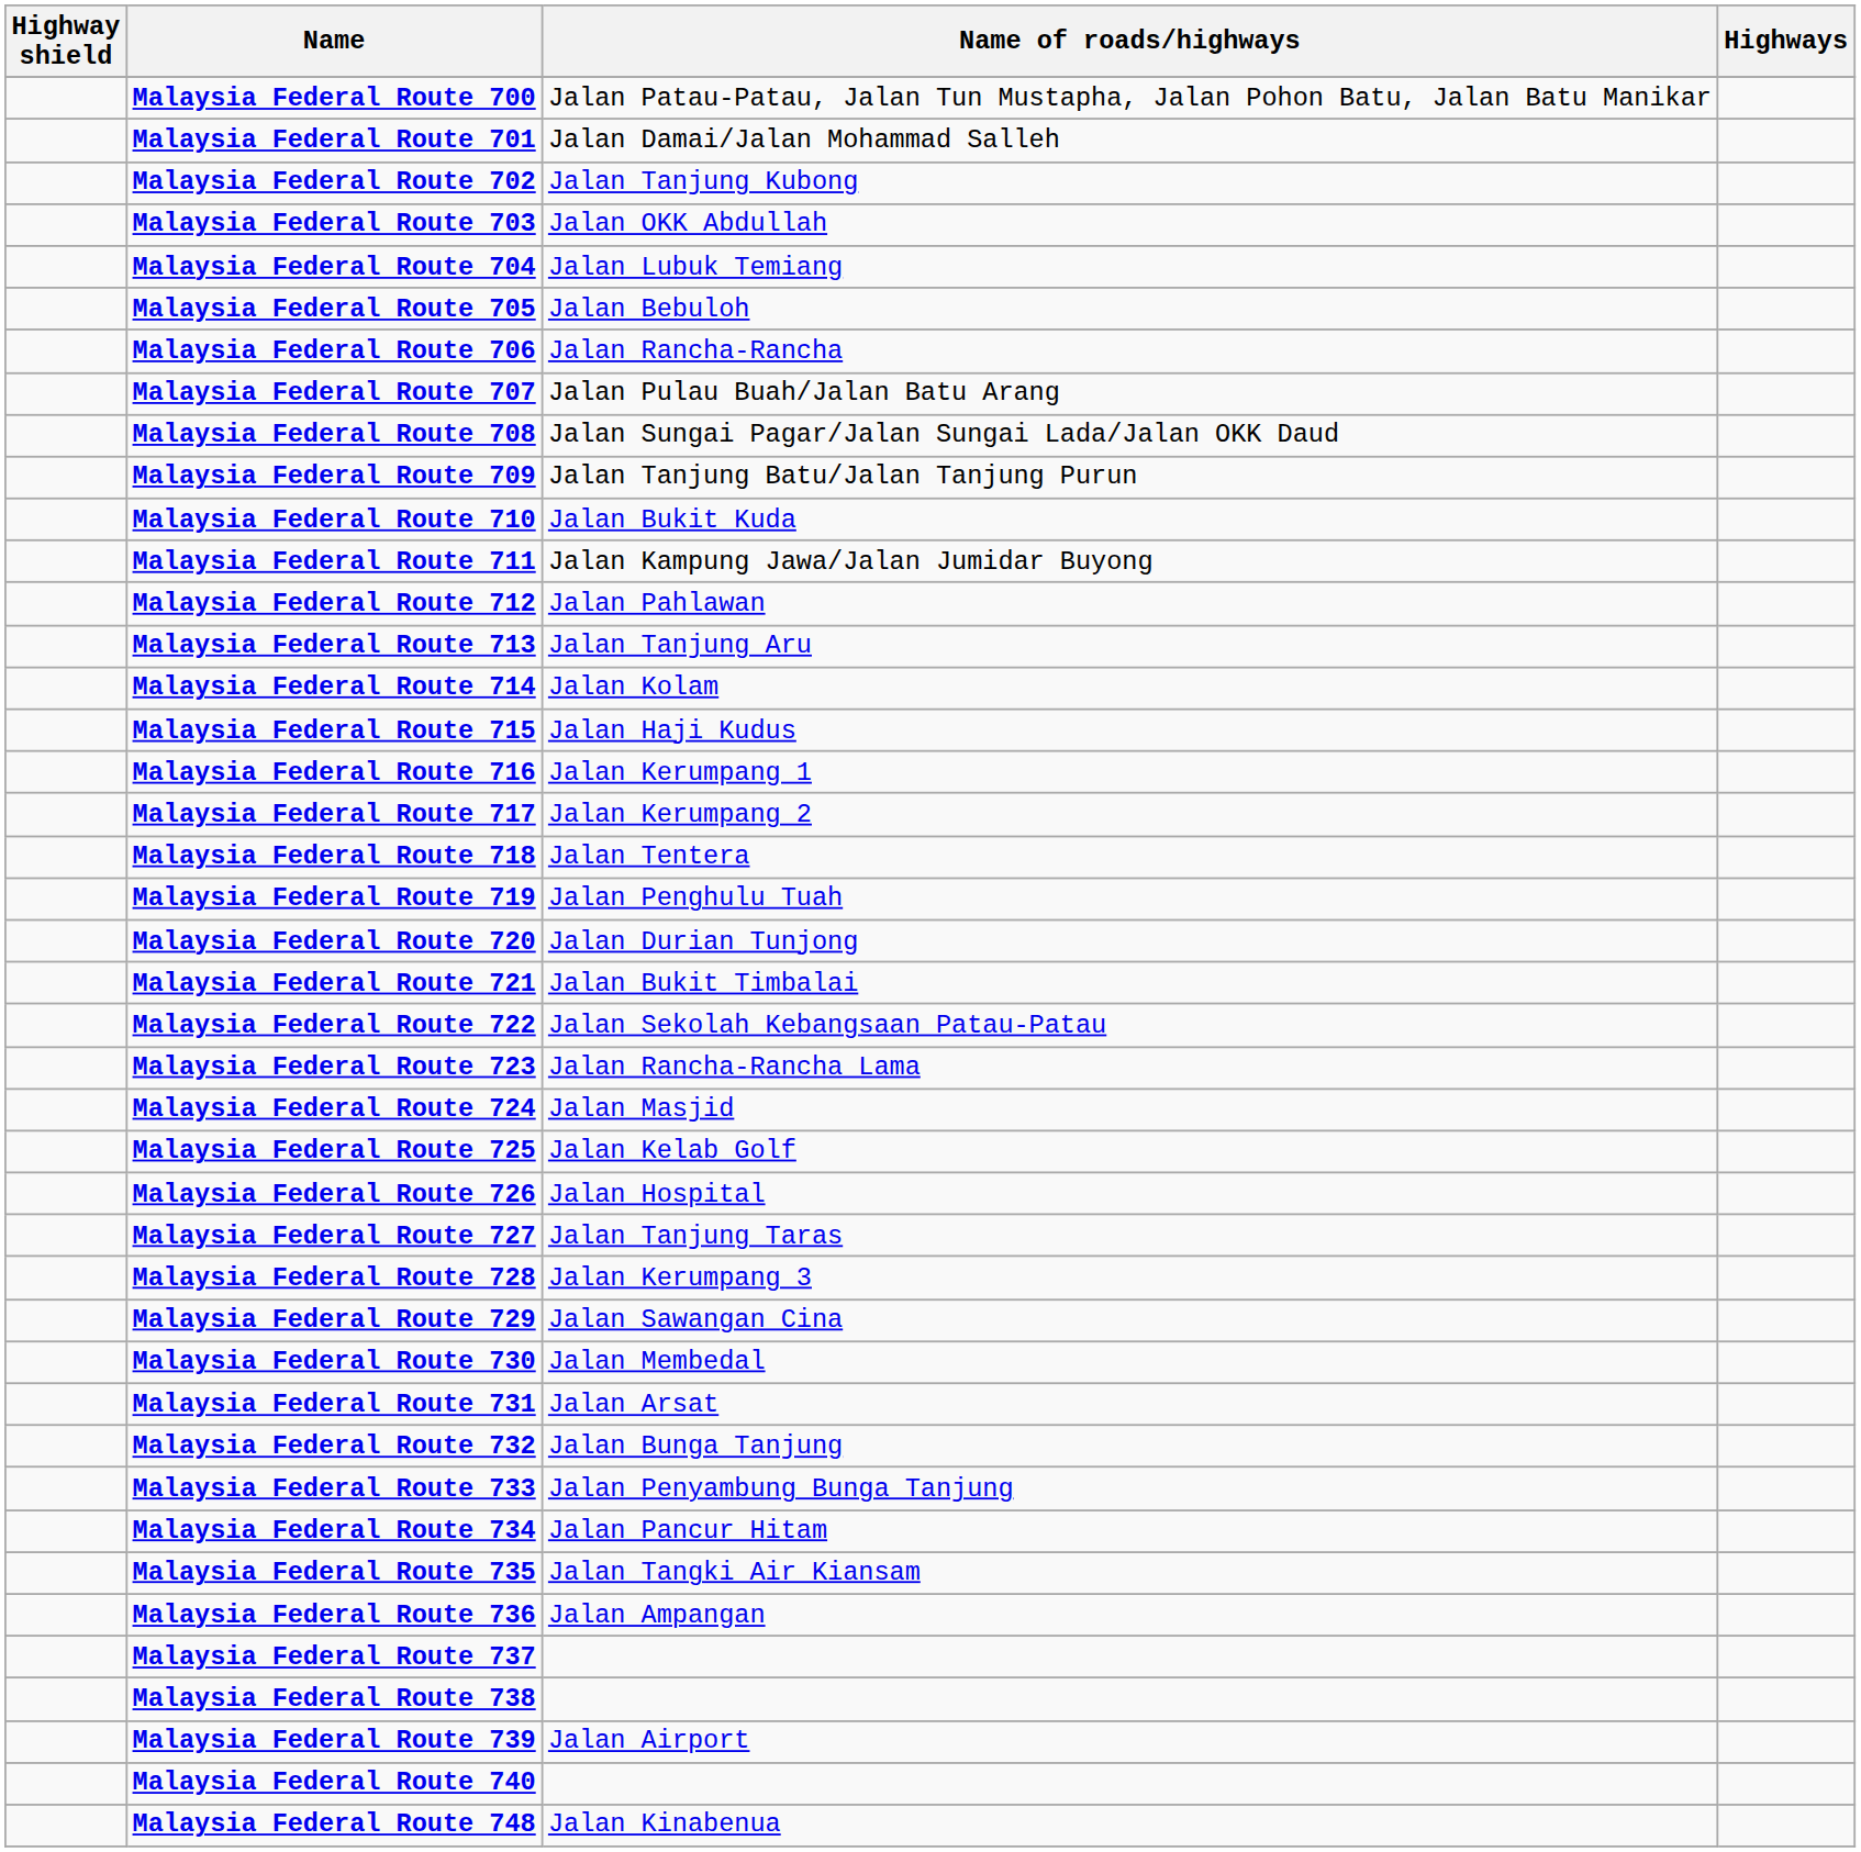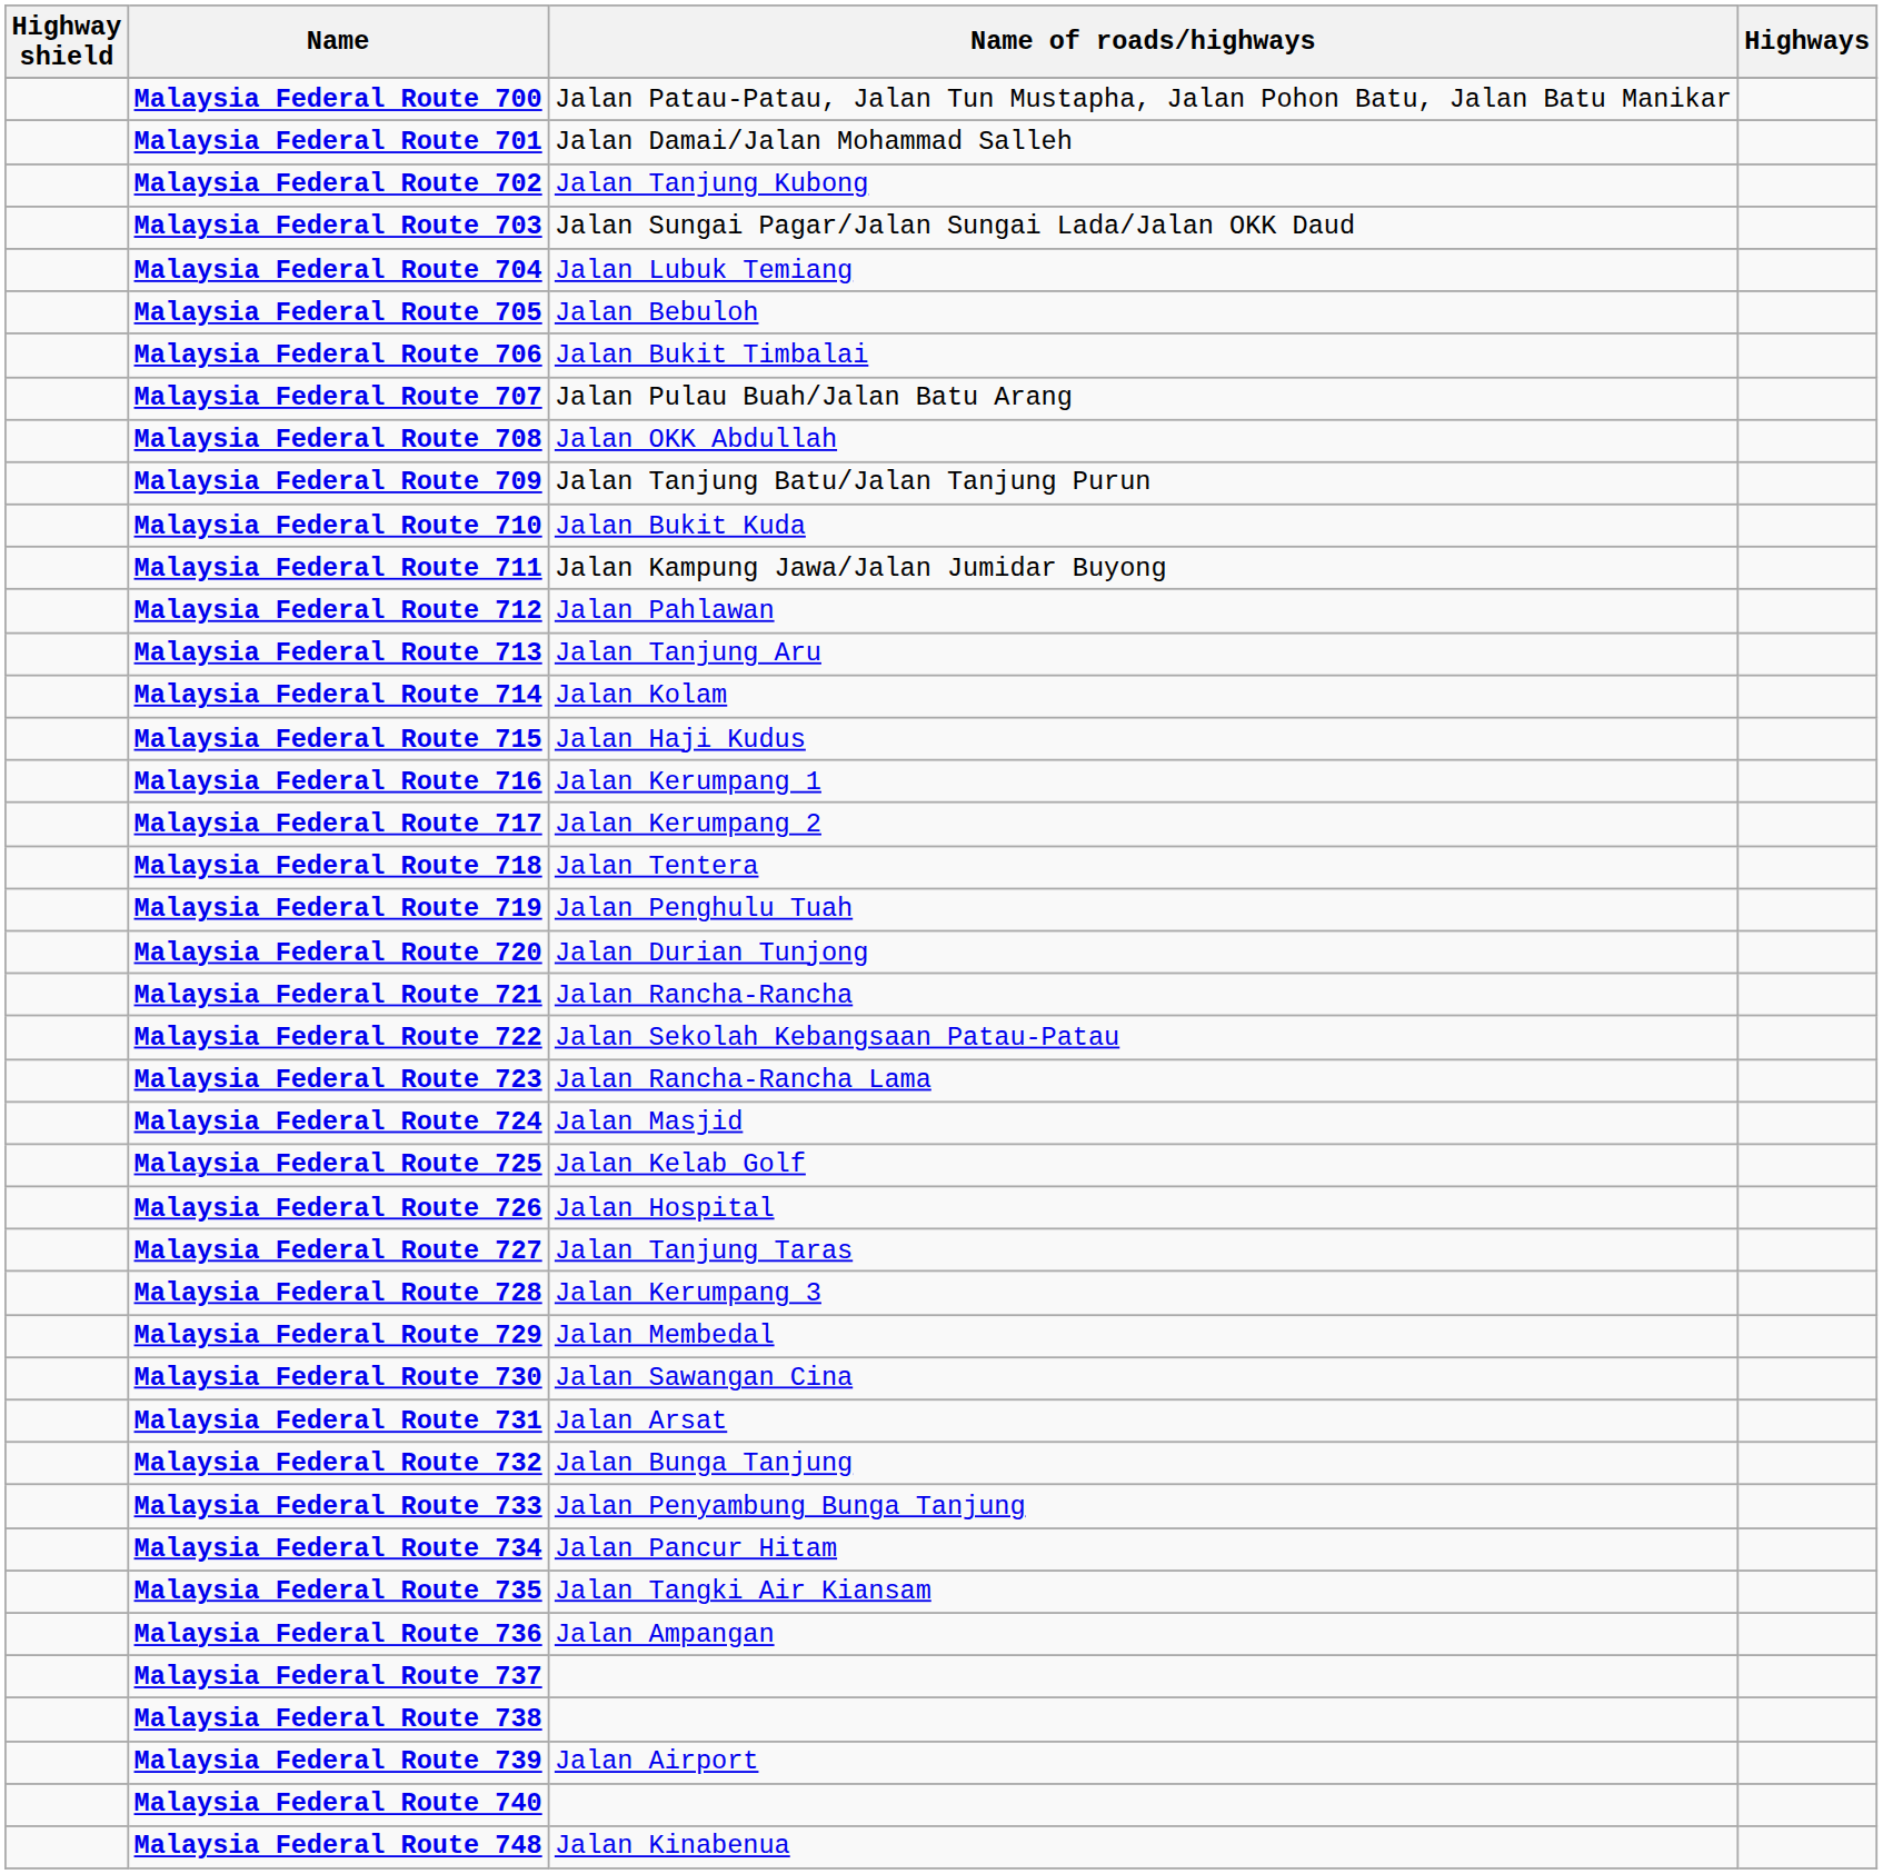 <table class="wikitable">
 <tr>
 <th>Highway <br>shield</th>
 <th>Name</th>
 <th>Name of roads/highways</th>
 <th>Highways</th>
 </tr>
 <tr>
 </tr>
 <tr>
 <td></td>
 <td><strong><a href='#'>Malaysia Federal Route 700</a></strong></td>
 <td>Jalan Patau-Patau, Jalan Tun Mustapha, Jalan Pohon Batu, Jalan Batu Manikar</td>
 <td></td>
 </tr>
 <tr>
 <td></td>
 <td><strong><a href='#'>Malaysia Federal Route 701</a></strong></td>
 <td>Jalan Damai/Jalan Mohammad Salleh</td>
 <td></td>
 </tr>
 <tr>
 <td></td>
 <td><strong><a href='#'>Malaysia Federal Route 702</a></strong></td>
 <td><a href='#'>Jalan Tanjung Kubong</a></td>
 <td></td>
 </tr>
 <tr>
 <td></td>
 <td><strong><a href='#'>Malaysia Federal Route 703</a></strong></td>
-<td><a href='#'>Jalan OKK Abdullah</a></td>
+<td>Jalan Sungai Pagar/Jalan Sungai Lada/Jalan OKK Daud</td>
 <td></td>
 </tr>
 <tr>
 <td></td>
 <td><strong><a href='#'>Malaysia Federal Route 704</a></strong></td>
 <td><a href='#'>Jalan Lubuk Temiang</a></td>
 <td></td>
 </tr>
 <tr>
 <td></td>
 <td><strong><a href='#'>Malaysia Federal Route 705</a></strong></td>
 <td><a href='#'>Jalan Bebuloh</a></td>
 <td></td>
 </tr>
 <tr>
 <td></td>
 <td><strong><a href='#'>Malaysia Federal Route 706</a></strong></td>
-<td><a href='#'>Jalan Rancha-Rancha</a></td>
+<td><a href='#'>Jalan Bukit Timbalai</a></td>
 <td></td>
 </tr>
 <tr>
 <td></td>
 <td><strong><a href='#'>Malaysia Federal Route 707</a></strong></td>
 <td>Jalan Pulau Buah/Jalan Batu Arang</td>
 <td></td>
 </tr>
 <tr>
 <td></td>
 <td><strong><a href='#'>Malaysia Federal Route 708</a></strong></td>
-<td>Jalan Sungai Pagar/Jalan Sungai Lada/Jalan OKK Daud</td>
+<td><a href='#'>Jalan OKK Abdullah</a></td>
 <td></td>
 </tr>
 <tr>
 <td></td>
 <td><strong><a href='#'>Malaysia Federal Route 709</a></strong></td>
 <td>Jalan Tanjung Batu/Jalan Tanjung Purun</td>
 <td></td>
 </tr>
 <tr>
 <td></td>
 <td><strong><a href='#'>Malaysia Federal Route 710</a></strong></td>
 <td><a href='#'>Jalan Bukit Kuda</a></td>
 <td></td>
 </tr>
 <tr>
 <td></td>
 <td><strong><a href='#'>Malaysia Federal Route 711</a></strong></td>
 <td>Jalan Kampung Jawa/Jalan Jumidar Buyong</td>
 <td></td>
 </tr>
 <tr>
 <td></td>
 <td><strong><a href='#'>Malaysia Federal Route 712</a></strong></td>
 <td><a href='#'>Jalan Pahlawan</a></td>
 <td></td>
 </tr>
 <tr>
 <td></td>
 <td><strong><a href='#'>Malaysia Federal Route 713</a></strong></td>
 <td><a href='#'>Jalan Tanjung Aru</a></td>
 <td></td>
 </tr>
 <tr>
 <td></td>
 <td><strong><a href='#'>Malaysia Federal Route 714</a></strong></td>
 <td><a href='#'>Jalan Kolam</a></td>
 <td></td>
 </tr>
 <tr>
 <td></td>
 <td><strong><a href='#'>Malaysia Federal Route 715</a></strong></td>
 <td><a href='#'>Jalan Haji Kudus</a></td>
 <td></td>
 </tr>
 <tr>
 <td></td>
 <td><strong><a href='#'>Malaysia Federal Route 716</a></strong></td>
 <td><a href='#'>Jalan Kerumpang 1</a></td>
 <td></td>
 </tr>
 <tr>
 <td></td>
 <td><strong><a href='#'>Malaysia Federal Route 717</a></strong></td>
 <td><a href='#'>Jalan Kerumpang 2</a></td>
 <td></td>
 </tr>
 <tr>
 <td></td>
 <td><strong><a href='#'>Malaysia Federal Route 718</a></strong></td>
 <td><a href='#'>Jalan Tentera</a></td>
 <td></td>
 </tr>
 <tr>
 <td></td>
 <td><strong><a href='#'>Malaysia Federal Route 719</a></strong></td>
 <td><a href='#'>Jalan Penghulu Tuah</a></td>
 <td></td>
 </tr>
 <tr>
 <td></td>
 <td><strong><a href='#'>Malaysia Federal Route 720</a></strong></td>
 <td><a href='#'>Jalan Durian Tunjong</a></td>
 <td></td>
 </tr>
 <tr>
 <td></td>
 <td><strong><a href='#'>Malaysia Federal Route 721</a></strong></td>
-<td><a href='#'>Jalan Bukit Timbalai</a></td>
+<td><a href='#'>Jalan Rancha-Rancha</a></td>
 <td></td>
 </tr>
 <tr>
 <td></td>
 <td><strong><a href='#'>Malaysia Federal Route 722</a></strong></td>
 <td><a href='#'>Jalan Sekolah Kebangsaan Patau-Patau</a></td>
 <td></td>
 </tr>
 <tr>
 <td></td>
 <td><strong><a href='#'>Malaysia Federal Route 723</a></strong></td>
 <td><a href='#'>Jalan Rancha-Rancha Lama</a></td>
 <td></td>
 </tr>
 <tr>
 <td></td>
 <td><strong><a href='#'>Malaysia Federal Route 724</a></strong></td>
 <td><a href='#'>Jalan Masjid</a></td>
 <td></td>
 </tr>
 <tr>
 <td></td>
 <td><strong><a href='#'>Malaysia Federal Route 725</a></strong></td>
 <td><a href='#'>Jalan Kelab Golf</a></td>
 <td></td>
 </tr>
 <tr>
 <td></td>
 <td><strong><a href='#'>Malaysia Federal Route 726</a></strong></td>
 <td><a href='#'>Jalan Hospital</a></td>
 <td></td>
 </tr>
 <tr>
 <td></td>
 <td><strong><a href='#'>Malaysia Federal Route 727</a></strong></td>
 <td><a href='#'>Jalan Tanjung Taras</a></td>
 <td></td>
 </tr>
 <tr>
 <td></td>
 <td><strong><a href='#'>Malaysia Federal Route 728</a></strong></td>
 <td><a href='#'>Jalan Kerumpang 3</a></td>
 <td></td>
 </tr>
 <tr>
 <td></td>
 <td><strong><a href='#'>Malaysia Federal Route 729</a></strong></td>
-<td><a href='#'>Jalan Sawangan Cina</a></td>
+<td><a href='#'>Jalan Membedal</a></td>
 <td></td>
 </tr>
 <tr>
 <td></td>
 <td><strong><a href='#'>Malaysia Federal Route 730</a></strong></td>
-<td><a href='#'>Jalan Membedal</a></td>
+<td><a href='#'>Jalan Sawangan Cina</a></td>
 <td></td>
 </tr>
 <tr>
 <td></td>
 <td><strong><a href='#'>Malaysia Federal Route 731</a></strong></td>
 <td><a href='#'>Jalan Arsat</a></td>
 <td></td>
 </tr>
 <tr>
 <td></td>
 <td><strong><a href='#'>Malaysia Federal Route 732</a></strong></td>
 <td><a href='#'>Jalan Bunga Tanjung</a></td>
 <td></td>
 </tr>
 <tr>
 <td></td>
 <td><strong><a href='#'>Malaysia Federal Route 733</a></strong></td>
 <td><a href='#'>Jalan Penyambung Bunga Tanjung</a></td>
 <td></td>
 </tr>
 <tr>
 <td></td>
 <td><strong><a href='#'>Malaysia Federal Route 734</a></strong></td>
 <td><a href='#'>Jalan Pancur Hitam</a></td>
 <td></td>
 </tr>
 <tr>
 <td></td>
 <td><strong><a href='#'>Malaysia Federal Route 735</a></strong></td>
 <td><a href='#'>Jalan Tangki Air Kiansam</a></td>
 <td></td>
 </tr>
 <tr>
 <td></td>
 <td><strong><a href='#'>Malaysia Federal Route 736</a></strong></td>
 <td><a href='#'>Jalan Ampangan</a></td>
 <td></td>
 </tr>
 <tr>
 <td></td>
 <td><strong><a href='#'>Malaysia Federal Route 737</a></strong></td>
 <td></td>
 <td></td>
 </tr>
 <tr>
 <td></td>
 <td><strong><a href='#'>Malaysia Federal Route 738</a></strong></td>
 <td></td>
 <td></td>
 </tr>
 <tr>
 <td></td>
 <td><strong><a href='#'>Malaysia Federal Route 739</a></strong></td>
 <td><a href='#'>Jalan Airport</a></td>
 <td></td>
 </tr>
 <tr>
 <td></td>
 <td><strong><a href='#'>Malaysia Federal Route 740</a></strong></td>
 <td></td>
 <td></td>
 </tr>
 <tr>
 <td></td>
 <td><strong><a href='#'>Malaysia Federal Route 748</a></strong></td>
 <td><a href='#'>Jalan Kinabenua</a></td>
 <td></td>
 </tr>
 </table>
